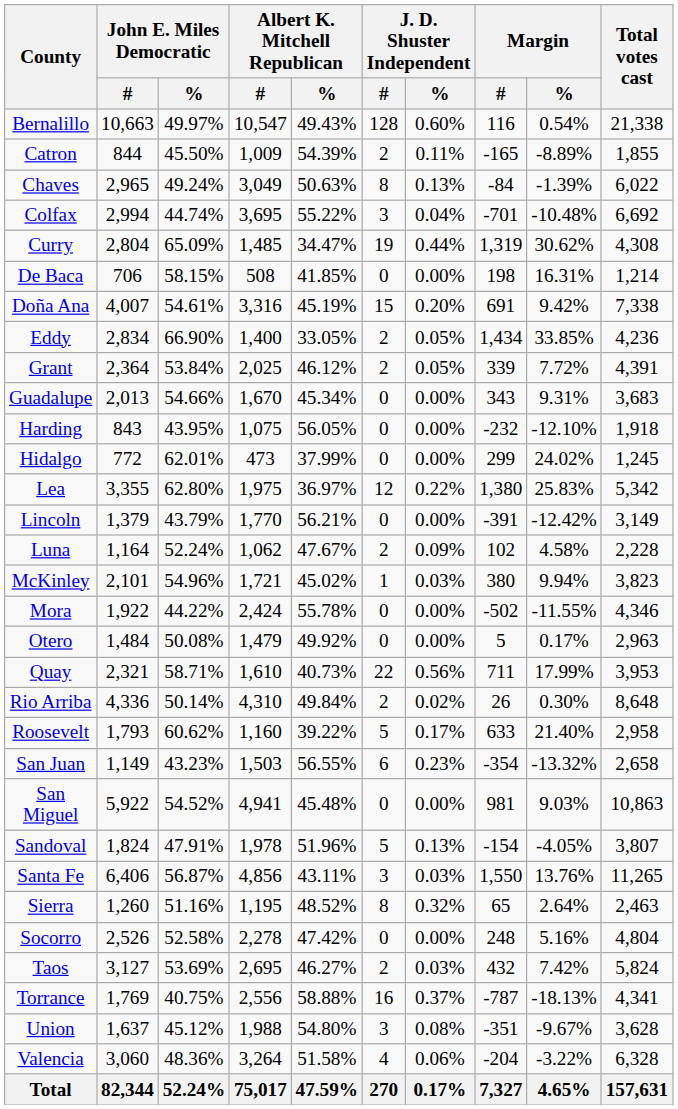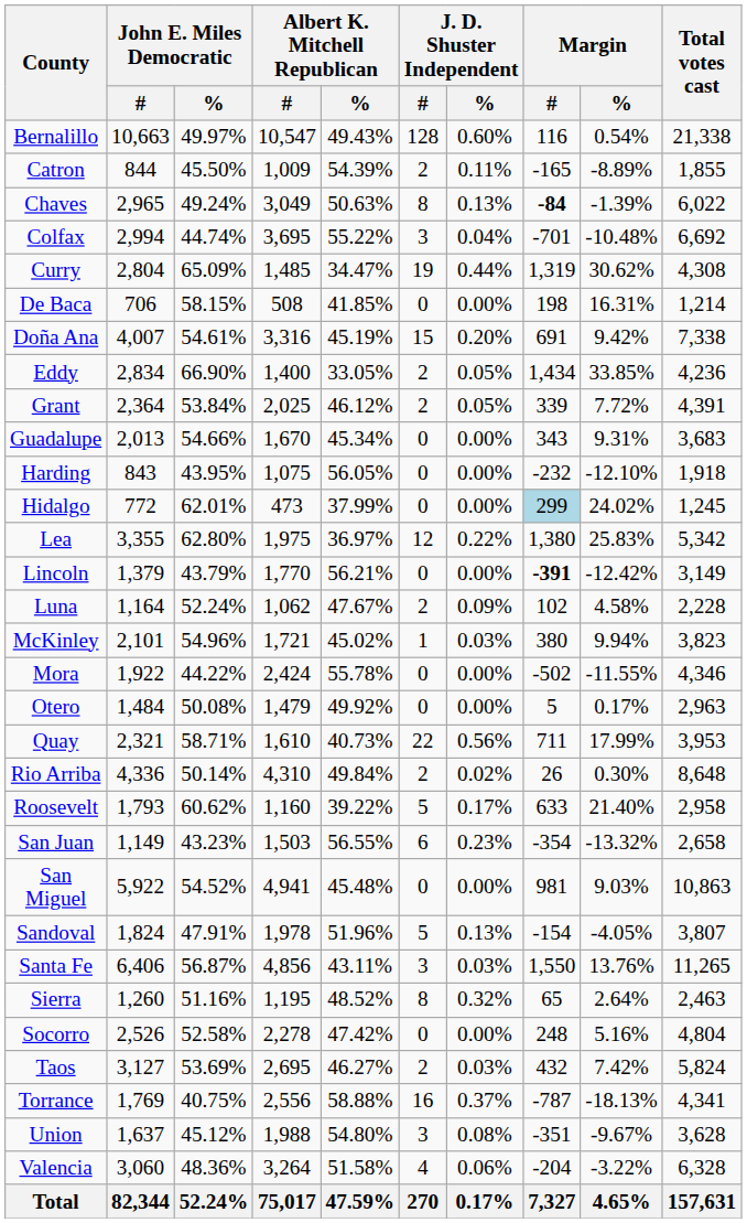 <table width="65%" class="wikitable sortable" style="text-align:center">
 <tr>
 <th style="text-align:center;" rowspan="2">County</th>
 <th style="text-align:center;" colspan="2">John E. Miles<br>Democratic</th>
 <th style="text-align:center;" colspan="2">Albert K. Mitchell<br>Republican</th>
 <th style="text-align:center;" colspan="2">J. D. Shuster<br>Independent</th>
 <th style="text-align:center;" colspan="2">Margin</th>
 <th style="text-align:center;" rowspan="2">Total votes cast</th>
 </tr>
 <tr>
 <th style="text-align:center;" data-sort-type="number">#</th>
 <th style="text-align:center;" data-sort-type="number">%</th>
 <th style="text-align:center;" data-sort-type="number">#</th>
 <th style="text-align:center;" data-sort-type="number">%</th>
 <th style="text-align:center;" data-sort-type="number">#</th>
 <th style="text-align:center;" data-sort-type="number">%</th>
 <th style="text-align:center;" data-sort-type="number">#</th>
 <th style="text-align:center;" data-sort-type="number">%</th>
 </tr>
 <tr style="text-align:center;">
 <td><a href='#'>Bernalillo</a></td>
 <td>10,663</td>
 <td>49.97%</td>
 <td>10,547</td>
 <td>49.43%</td>
 <td>128</td>
 <td>0.60%</td>
 <td>116</td>
 <td>0.54%</td>
 <td>21,338</td>
 </tr>
 <tr style="text-align:center;">
 <td><a href='#'>Catron</a></td>
 <td>844</td>
 <td>45.50%</td>
 <td>1,009</td>
 <td>54.39%</td>
 <td>2</td>
 <td>0.11%</td>
 <td>-165</td>
 <td>-8.89%</td>
 <td>1,855</td>
 </tr>
 <tr style="text-align:center;">
 <td><a href='#'>Chaves</a></td>
 <td>2,965</td>
 <td>49.24%</td>
 <td>3,049</td>
 <td>50.63%</td>
 <td>8</td>
 <td>0.13%</td>
-<td>-84</td>
+<td><strong>-84</strong></td>
 <td>-1.39%</td>
 <td>6,022</td>
 </tr>
 <tr style="text-align:center;">
 <td><a href='#'>Colfax</a></td>
 <td>2,994</td>
 <td>44.74%</td>
 <td>3,695</td>
 <td>55.22%</td>
 <td>3</td>
 <td>0.04%</td>
 <td>-701</td>
 <td>-10.48%</td>
 <td>6,692</td>
 </tr>
 <tr style="text-align:center;">
 <td><a href='#'>Curry</a></td>
 <td>2,804</td>
 <td>65.09%</td>
 <td>1,485</td>
 <td>34.47%</td>
 <td>19</td>
 <td>0.44%</td>
 <td>1,319</td>
 <td>30.62%</td>
 <td>4,308</td>
 </tr>
 <tr style="text-align:center;">
 <td><a href='#'>De Baca</a></td>
 <td>706</td>
 <td>58.15%</td>
 <td>508</td>
 <td>41.85%</td>
 <td>0</td>
 <td>0.00%</td>
 <td>198</td>
 <td>16.31%</td>
 <td>1,214</td>
 </tr>
 <tr style="text-align:center;">
 <td><a href='#'>Doña Ana</a></td>
 <td>4,007</td>
 <td>54.61%</td>
 <td>3,316</td>
 <td>45.19%</td>
 <td>15</td>
 <td>0.20%</td>
 <td>691</td>
 <td>9.42%</td>
 <td>7,338</td>
 </tr>
 <tr style="text-align:center;">
 <td><a href='#'>Eddy</a></td>
 <td>2,834</td>
 <td>66.90%</td>
 <td>1,400</td>
 <td>33.05%</td>
 <td>2</td>
 <td>0.05%</td>
 <td>1,434</td>
 <td>33.85%</td>
 <td>4,236</td>
 </tr>
 <tr style="text-align:center;">
 <td><a href='#'>Grant</a></td>
 <td>2,364</td>
 <td>53.84%</td>
 <td>2,025</td>
 <td>46.12%</td>
 <td>2</td>
 <td>0.05%</td>
 <td>339</td>
 <td>7.72%</td>
 <td>4,391</td>
 </tr>
 <tr style="text-align:center;">
 <td><a href='#'>Guadalupe</a></td>
 <td>2,013</td>
 <td>54.66%</td>
 <td>1,670</td>
 <td>45.34%</td>
 <td>0</td>
 <td>0.00%</td>
 <td>343</td>
 <td>9.31%</td>
 <td>3,683</td>
 </tr>
 <tr style="text-align:center;">
 <td><a href='#'>Harding</a></td>
 <td>843</td>
 <td>43.95%</td>
 <td>1,075</td>
 <td>56.05%</td>
 <td>0</td>
 <td>0.00%</td>
 <td>-232</td>
 <td>-12.10%</td>
 <td>1,918</td>
 </tr>
 <tr style="text-align:center;">
 <td><a href='#'>Hidalgo</a></td>
 <td>772</td>
 <td>62.01%</td>
 <td>473</td>
 <td>37.99%</td>
 <td>0</td>
 <td>0.00%</td>
-<td>299</td>
+<td style="background: lightblue;">299</td>
 <td>24.02%</td>
 <td>1,245</td>
 </tr>
 <tr style="text-align:center;">
 <td><a href='#'>Lea</a></td>
 <td>3,355</td>
 <td>62.80%</td>
 <td>1,975</td>
 <td>36.97%</td>
 <td>12</td>
 <td>0.22%</td>
 <td>1,380</td>
 <td>25.83%</td>
 <td>5,342</td>
 </tr>
 <tr style="text-align:center;">
 <td><a href='#'>Lincoln</a></td>
 <td>1,379</td>
 <td>43.79%</td>
 <td>1,770</td>
 <td>56.21%</td>
 <td>0</td>
 <td>0.00%</td>
-<td>-391</td>
+<td><strong>-391</strong></td>
 <td>-12.42%</td>
 <td>3,149</td>
 </tr>
 <tr style="text-align:center;">
 <td><a href='#'>Luna</a></td>
 <td>1,164</td>
 <td>52.24%</td>
 <td>1,062</td>
 <td>47.67%</td>
 <td>2</td>
 <td>0.09%</td>
 <td>102</td>
 <td>4.58%</td>
 <td>2,228</td>
 </tr>
 <tr style="text-align:center;">
 <td><a href='#'>McKinley</a></td>
 <td>2,101</td>
 <td>54.96%</td>
 <td>1,721</td>
 <td>45.02%</td>
 <td>1</td>
 <td>0.03%</td>
 <td>380</td>
 <td>9.94%</td>
 <td>3,823</td>
 </tr>
 <tr style="text-align:center;">
 <td><a href='#'>Mora</a></td>
 <td>1,922</td>
 <td>44.22%</td>
 <td>2,424</td>
 <td>55.78%</td>
 <td>0</td>
 <td>0.00%</td>
 <td>-502</td>
 <td>-11.55%</td>
 <td>4,346</td>
 </tr>
 <tr style="text-align:center;">
 <td><a href='#'>Otero</a></td>
 <td>1,484</td>
 <td>50.08%</td>
 <td>1,479</td>
 <td>49.92%</td>
 <td>0</td>
 <td>0.00%</td>
 <td>5</td>
 <td>0.17%</td>
 <td>2,963</td>
 </tr>
 <tr style="text-align:center;">
 <td><a href='#'>Quay</a></td>
 <td>2,321</td>
 <td>58.71%</td>
 <td>1,610</td>
 <td>40.73%</td>
 <td>22</td>
 <td>0.56%</td>
 <td>711</td>
 <td>17.99%</td>
 <td>3,953</td>
 </tr>
 <tr style="text-align:center;">
 <td><a href='#'>Rio Arriba</a></td>
 <td>4,336</td>
 <td>50.14%</td>
 <td>4,310</td>
 <td>49.84%</td>
 <td>2</td>
 <td>0.02%</td>
 <td>26</td>
 <td>0.30%</td>
 <td>8,648</td>
 </tr>
 <tr style="text-align:center;">
 <td><a href='#'>Roosevelt</a></td>
 <td>1,793</td>
 <td>60.62%</td>
 <td>1,160</td>
 <td>39.22%</td>
 <td>5</td>
 <td>0.17%</td>
 <td>633</td>
 <td>21.40%</td>
 <td>2,958</td>
 </tr>
 <tr style="text-align:center;">
 <td><a href='#'>San Juan</a></td>
 <td>1,149</td>
 <td>43.23%</td>
 <td>1,503</td>
 <td>56.55%</td>
 <td>6</td>
 <td>0.23%</td>
 <td>-354</td>
 <td>-13.32%</td>
 <td>2,658</td>
 </tr>
 <tr style="text-align:center;">
 <td><a href='#'>San Miguel</a></td>
 <td>5,922</td>
 <td>54.52%</td>
 <td>4,941</td>
 <td>45.48%</td>
 <td>0</td>
 <td>0.00%</td>
 <td>981</td>
 <td>9.03%</td>
 <td>10,863</td>
 </tr>
 <tr style="text-align:center;">
 <td><a href='#'>Sandoval</a></td>
 <td>1,824</td>
 <td>47.91%</td>
 <td>1,978</td>
 <td>51.96%</td>
 <td>5</td>
 <td>0.13%</td>
 <td>-154</td>
 <td>-4.05%</td>
 <td>3,807</td>
 </tr>
 <tr style="text-align:center;">
 <td><a href='#'>Santa Fe</a></td>
 <td>6,406</td>
 <td>56.87%</td>
 <td>4,856</td>
 <td>43.11%</td>
 <td>3</td>
 <td>0.03%</td>
 <td>1,550</td>
 <td>13.76%</td>
 <td>11,265</td>
 </tr>
 <tr style="text-align:center;">
 <td><a href='#'>Sierra</a></td>
 <td>1,260</td>
 <td>51.16%</td>
 <td>1,195</td>
 <td>48.52%</td>
 <td>8</td>
 <td>0.32%</td>
 <td>65</td>
 <td>2.64%</td>
 <td>2,463</td>
 </tr>
 <tr style="text-align:center;">
 <td><a href='#'>Socorro</a></td>
 <td>2,526</td>
 <td>52.58%</td>
 <td>2,278</td>
 <td>47.42%</td>
 <td>0</td>
 <td>0.00%</td>
 <td>248</td>
 <td>5.16%</td>
 <td>4,804</td>
 </tr>
 <tr style="text-align:center;">
 <td><a href='#'>Taos</a></td>
 <td>3,127</td>
 <td>53.69%</td>
 <td>2,695</td>
 <td>46.27%</td>
 <td>2</td>
 <td>0.03%</td>
 <td>432</td>
 <td>7.42%</td>
 <td>5,824</td>
 </tr>
 <tr style="text-align:center;">
 <td><a href='#'>Torrance</a></td>
 <td>1,769</td>
 <td>40.75%</td>
 <td>2,556</td>
 <td>58.88%</td>
 <td>16</td>
 <td>0.37%</td>
 <td>-787</td>
 <td>-18.13%</td>
 <td>4,341</td>
 </tr>
 <tr style="text-align:center;">
 <td><a href='#'>Union</a></td>
 <td>1,637</td>
 <td>45.12%</td>
 <td>1,988</td>
 <td>54.80%</td>
 <td>3</td>
 <td>0.08%</td>
 <td>-351</td>
 <td>-9.67%</td>
 <td>3,628</td>
 </tr>
 <tr style="text-align:center;">
 <td><a href='#'>Valencia</a></td>
 <td>3,060</td>
 <td>48.36%</td>
 <td>3,264</td>
 <td>51.58%</td>
 <td>4</td>
 <td>0.06%</td>
 <td>-204</td>
 <td>-3.22%</td>
 <td>6,328</td>
 </tr>
 <tr style="text-align:center;">
 <th>Total</th>
 <th>82,344</th>
 <th>52.24%</th>
 <th>75,017</th>
 <th>47.59%</th>
 <th>270</th>
 <th>0.17%</th>
 <th>7,327</th>
 <th>4.65%</th>
 <th>157,631</th>
 </tr>
 </table>
